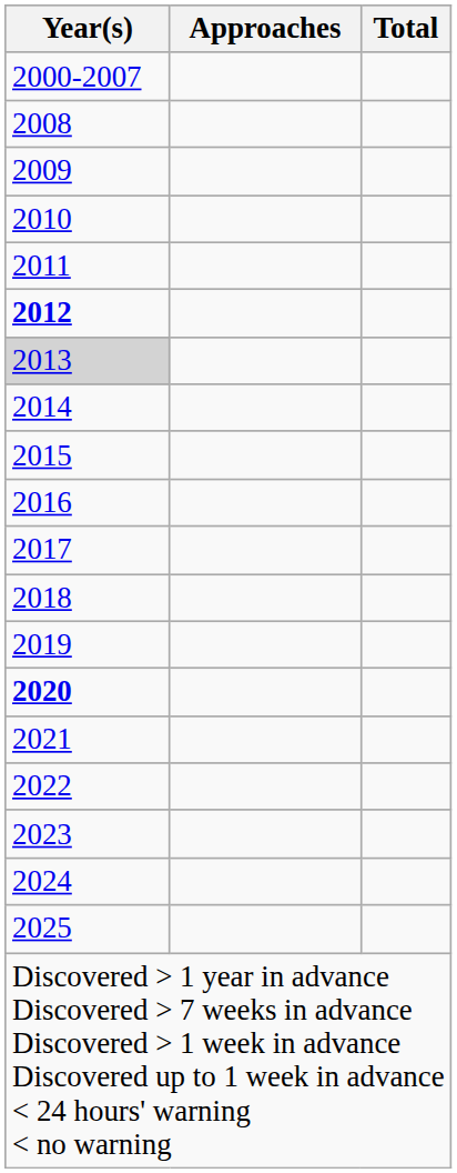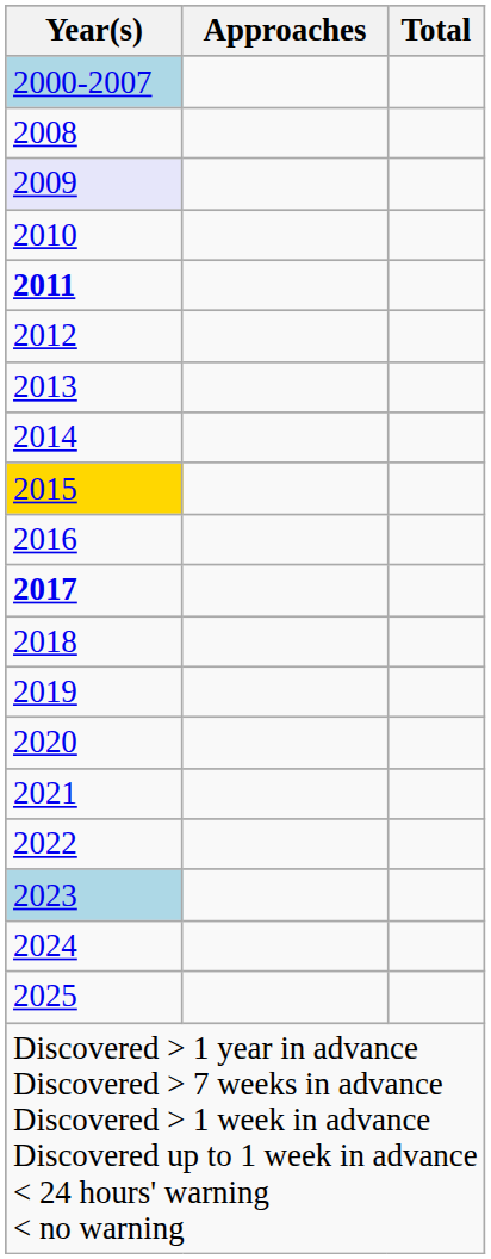 <table class="wikitable">
 <tr>
 <th>Year(s)</th>
 <th>Approaches</th>
 <th>Total</th>
 </tr>
 <tr>
-<td><a href='#'>2000-2007</a></td>
+<td style="background: lightblue;"><a href='#'>2000-2007</a></td>
 <td></td>
 <td></td>
 </tr>
 <tr>
 <td><a href='#'>2008</a></td>
 <td></td>
 <td></td>
 </tr>
 <tr>
-<td><a href='#'>2009</a></td>
+<td style="background: lavender;"><a href='#'>2009</a></td>
 <td></td>
 <td></td>
 </tr>
 <tr>
 <td><a href='#'>2010</a></td>
 <td></td>
 <td></td>
 </tr>
 <tr>
-<td><a href='#'>2011</a></td>
+<td><strong><a href='#'>2011</a></strong></td>
 <td></td>
 <td></td>
 </tr>
 <tr>
-<td><strong><a href='#'>2012</a></strong></td>
+<td><a href='#'>2012</a></td>
 <td></td>
 <td></td>
 </tr>
 <tr>
-<td style="background: lightgrey;"><a href='#'>2013</a></td>
+<td><a href='#'>2013</a></td>
 <td></td>
 <td></td>
 </tr>
 <tr>
 <td><a href='#'>2014</a></td>
 <td></td>
 <td></td>
 </tr>
 <tr>
-<td><a href='#'>2015</a></td>
+<td style="background: gold;"><a href='#'>2015</a></td>
 <td></td>
 <td></td>
 </tr>
 <tr>
 <td><a href='#'>2016</a></td>
 <td></td>
 <td></td>
 </tr>
 <tr>
-<td><a href='#'>2017</a></td>
+<td><strong><a href='#'>2017</a></strong></td>
 <td></td>
 <td></td>
 </tr>
 <tr>
 <td><a href='#'>2018</a></td>
 <td></td>
 <td></td>
 </tr>
 <tr>
 <td><a href='#'>2019</a></td>
 <td></td>
 <td></td>
 </tr>
 <tr>
-<td><strong><a href='#'>2020</a></strong></td>
+<td><a href='#'>2020</a></td>
 <td></td>
 <td></td>
 </tr>
 <tr>
 <td><a href='#'>2021</a></td>
 <td></td>
 <td></td>
 </tr>
 <tr>
 <td><a href='#'>2022</a></td>
 <td></td>
 <td></td>
 </tr>
 <tr>
-<td><a href='#'>2023</a></td>
+<td style="background: lightblue;"><a href='#'>2023</a></td>
 <td></td>
 <td></td>
 </tr>
 <tr>
 <td><a href='#'>2024</a></td>
 <td></td>
 <td></td>
 </tr>
 <tr>
 <td><a href='#'>2025</a></td>
 <td></td>
 <td></td>
 </tr>
 <tr |colspan="3">
 <td colspan="3"> Discovered > 1 year in advance<br> Discovered > 7 weeks in advance<br> Discovered > 1 week in advance<br> Discovered up to 1 week in advance<br> < 24 hours' warning<br> < no warning</td>
 </tr>
 </table>
